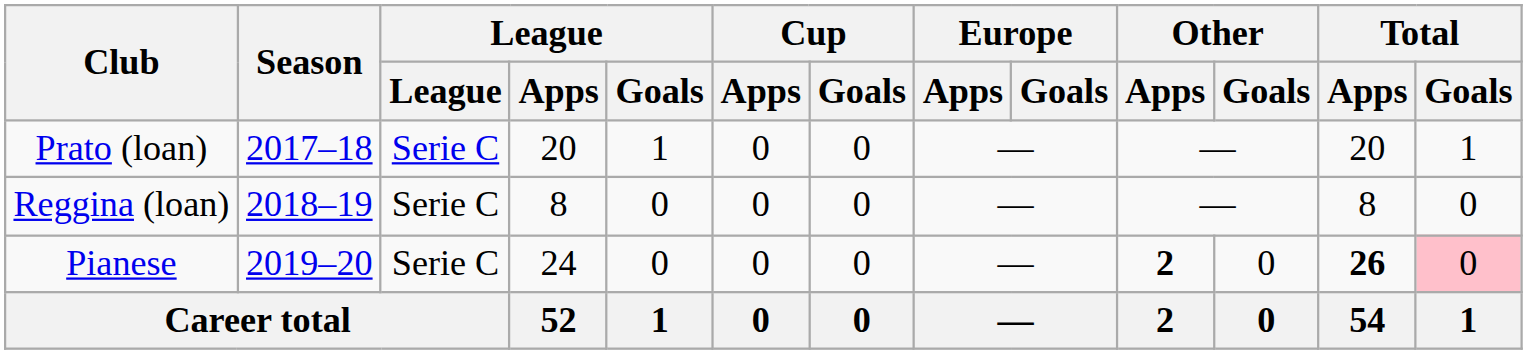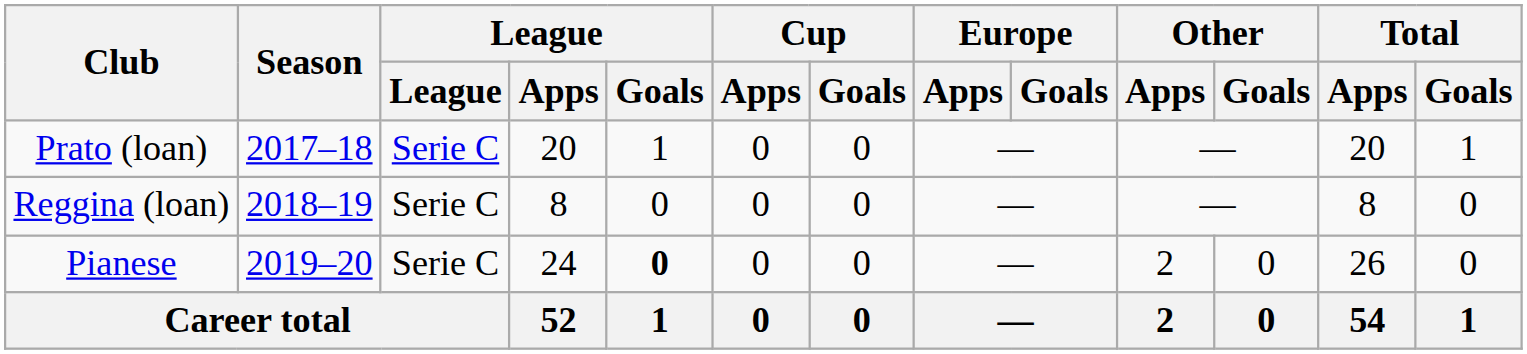 <table class="wikitable" style="text-align: center;">
 <tr>
 <th rowspan="2">Club</th>
 <th rowspan="2">Season</th>
 <th colspan="3">League</th>
 <th colspan="2">Cup</th>
 <th colspan="2">Europe</th>
 <th colspan="2">Other</th>
 <th colspan="2">Total</th>
 </tr>
 <tr>
 <th>League</th>
 <th>Apps</th>
 <th>Goals</th>
 <th>Apps</th>
 <th>Goals</th>
 <th>Apps</th>
 <th>Goals</th>
 <th>Apps</th>
 <th>Goals</th>
 <th>Apps</th>
 <th>Goals</th>
 </tr>
 <tr>
 <td><a href='#'>Prato</a> (loan)</td>
 <td><a href='#'>2017–18</a></td>
 <td><a href='#'>Serie C</a></td>
 <td>20</td>
 <td>1</td>
 <td>0</td>
 <td>0</td>
 <td colspan="2">—</td>
 <td colspan="2">—</td>
 <td>20</td>
 <td>1</td>
 </tr>
 <tr>
 <td><a href='#'>Reggina</a> (loan)</td>
 <td><a href='#'>2018–19</a></td>
 <td>Serie C</td>
 <td>8</td>
 <td>0</td>
 <td>0</td>
 <td>0</td>
 <td colspan="2">—</td>
 <td colspan="2">—</td>
 <td>8</td>
 <td>0</td>
 </tr>
 <tr>
 <td><a href='#'>Pianese</a></td>
 <td><a href='#'>2019–20</a></td>
 <td>Serie C</td>
 <td>24</td>
-<td>0</td>
+<td><strong>0</strong></td>
 <td>0</td>
 <td>0</td>
 <td colspan="2">—</td>
-<td><strong>2</strong></td>
+<td>2</td>
 <td>0</td>
-<td><strong>26</strong></td>
-<td style="background: pink;">0</td>
+<td>26</td>
+<td>0</td>
 </tr>
 <tr>
 <th colspan="3">Career total</th>
 <th>52</th>
 <th>1</th>
 <th>0</th>
 <th>0</th>
 <th colspan="2">—</th>
 <th>2</th>
 <th>0</th>
 <th>54</th>
 <th>1</th>
 </tr>
 </table>
